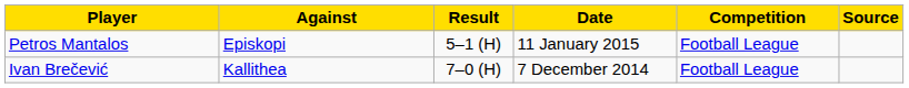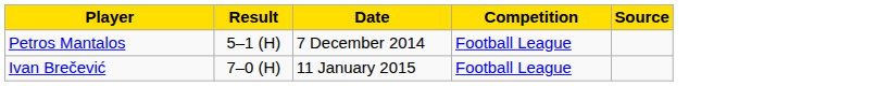 <table class="wikitable">
 <tr>
 <th width=200 style="background:#FFDE00">Player</th>
-<th width=200 style="background:#FFDE00">Against</th>
 <th width=70 style="background:#FFDE00">Result</th>
 <th width=150 style="background:#FFDE00">Date</th>
 <th width=150 style="background:#FFDE00">Competition</th>
 <th style="background:#FFDE00">Source</th>
 </tr>
 <tr>
 <td> <a href='#'>Petros Mantalos</a></td>
-<td> <a href='#'>Episkopi</a></td>
 <td align=center>5–1 (H)</td>
-<td>11 January 2015</td>
+<td>7 December 2014</td>
 <td><a href='#'>Football League</a></td>
 <td align=center></td>
 </tr>
 <tr>
 <td> <a href='#'>Ivan Brečević</a></td>
-<td> <a href='#'>Kallithea</a></td>
 <td align=center>7–0 (H)</td>
-<td>7 December 2014</td>
+<td>11 January 2015</td>
 <td><a href='#'>Football League</a></td>
 <td align=center></td>
 </tr>
 </table>
